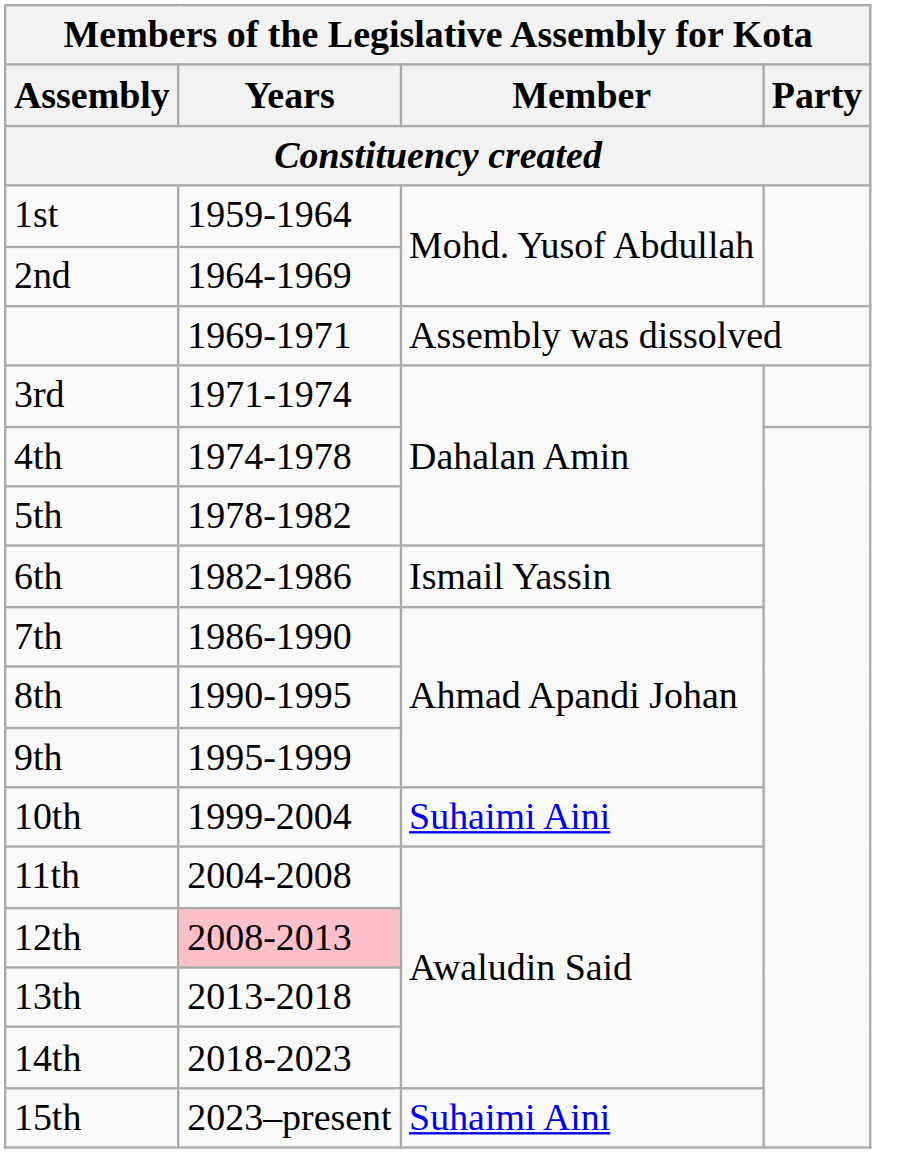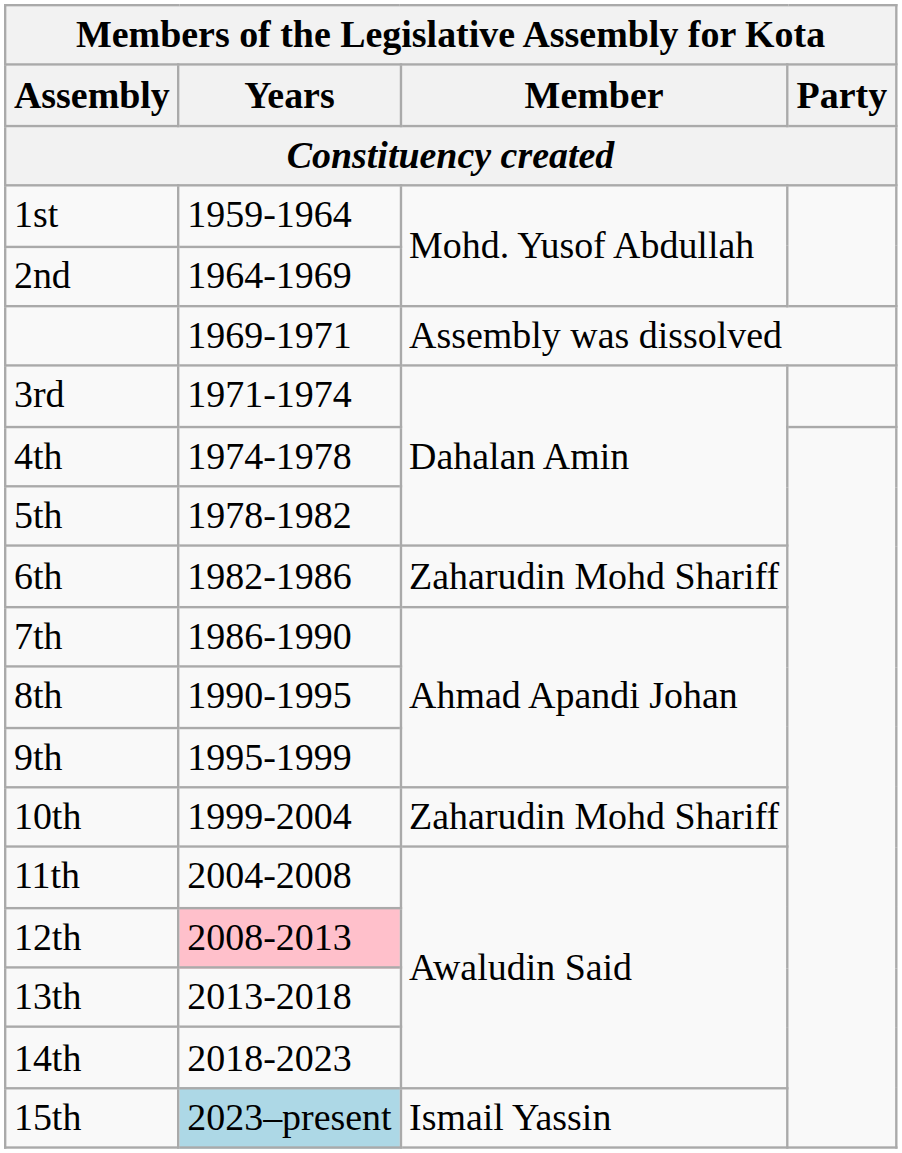 <table class=wikitable>
 <tr>
 <th colspan=4>Members of the Legislative Assembly for Kota</th>
 </tr>
 <tr>
 <th>Assembly</th>
 <th>Years</th>
 <th>Member</th>
 <th>Party</th>
 </tr>
 <tr>
 <th colspan=4 align=center><em>Constituency created</em></th>
 </tr>
 <tr>
 <td>1st</td>
 <td>1959-1964</td>
 <td rowspan="2">Mohd. Yusof Abdullah</td>
 <td rowspan="2"></td>
 </tr>
 <tr>
 <td>2nd</td>
 <td>1964-1969</td>
 </tr>
 <tr>
 <td></td>
 <td>1969-1971</td>
 <td colspan="2">Assembly was dissolved</td>
 </tr>
 <tr>
 <td>3rd</td>
 <td>1971-1974</td>
 <td rowspan="3">Dahalan Amin</td>
 <td></td>
 </tr>
 <tr>
 <td>4th</td>
 <td>1974-1978</td>
 <td rowspan="12"></td>
 </tr>
 <tr>
 <td>5th</td>
 <td>1978-1982</td>
 </tr>
 <tr>
 <td>6th</td>
 <td>1982-1986</td>
-<td>Ismail Yassin</td>
+<td>Zaharudin Mohd Shariff</td>
 </tr>
 <tr>
 <td>7th</td>
 <td>1986-1990</td>
 <td rowspan="3">Ahmad Apandi Johan</td>
 </tr>
 <tr>
 <td>8th</td>
 <td>1990-1995</td>
 </tr>
 <tr>
 <td>9th</td>
 <td>1995-1999</td>
 </tr>
 <tr>
 <td>10th</td>
 <td>1999-2004</td>
-<td><a href='#'>Suhaimi Aini</a></td>
+<td>Zaharudin Mohd Shariff</td>
 </tr>
 <tr>
 <td>11th</td>
 <td>2004-2008</td>
 <td rowspan="4">Awaludin Said</td>
 </tr>
 <tr>
 <td>12th</td>
 <td style="background: pink;">2008-2013</td>
 </tr>
 <tr>
 <td>13th</td>
 <td>2013-2018</td>
 </tr>
 <tr>
 <td>14th</td>
 <td>2018-2023</td>
 </tr>
 <tr>
 <td>15th</td>
-<td>2023–present</td>
-<td><a href='#'>Suhaimi Aini</a></td>
+<td style="background: lightblue;">2023–present</td>
+<td>Ismail Yassin</td>
 </tr>
 </table>
